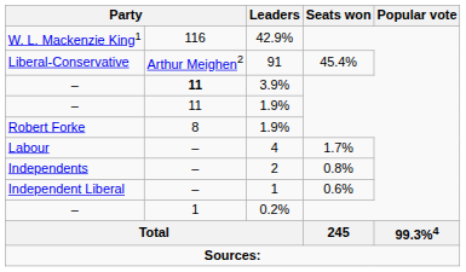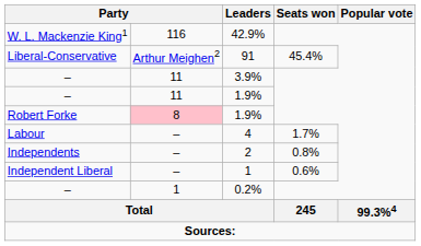 <table class="wikitable">
 <tr>
 <th colspan="2">Party</th>
 <th>Leaders</th>
 <th>Seats won</th>
 <th>Popular vote</th>
 </tr>
 <tr>
 <td><a href='#'>W. L. Mackenzie King</a><sup>1</sup></td>
 <td align=center>116</td>
 <td align=center>42.9%</td>
 </tr>
 <tr>
 <td><a href='#'>Liberal-Conservative</a></td>
 <td><a href='#'>Arthur Meighen</a><sup>2</sup></td>
 <td align=center>91</td>
 <td align=center>45.4%</td>
 </tr>
 <tr>
 <td align=center>–</td>
-<td align=center><strong>11</strong></td>
+<td align=center>11</td>
 <td align=center>3.9%</td>
 </tr>
 <tr>
 <td align=center>–</td>
 <td align=center>11</td>
 <td align=center>1.9%</td>
 </tr>
 <tr>
 <td><a href='#'>Robert Forke</a></td>
-<td align=center>8</td>
+<td align=center style="background: pink;">8</td>
 <td align=center>1.9%</td>
 </tr>
 <tr>
 <td><a href='#'>Labour</a></td>
 <td align=center>–</td>
 <td align=center>4</td>
 <td align=center>1.7%</td>
 </tr>
 <tr>
 <td><a href='#'>Independents</a></td>
 <td align=center>–</td>
 <td align=center>2</td>
 <td align=center>0.8%</td>
 </tr>
 <tr>
 <td><a href='#'>Independent Liberal</a></td>
 <td align=center>–</td>
 <td align=center>1</td>
 <td align=center>0.6%</td>
 </tr>
 <tr>
 <td align=center>–</td>
 <td align=center>1</td>
 <td align=center>0.2%</td>
 </tr>
 <tr>
 <th colspan=3 align=left>Total</th>
 <th align=center>245</th>
 <th align=center>99.3%<sup>4</sup></th>
 </tr>
 <tr>
 <td align="center" colspan=5><strong>Sources:</strong> </td>
 </tr>
 </table>
